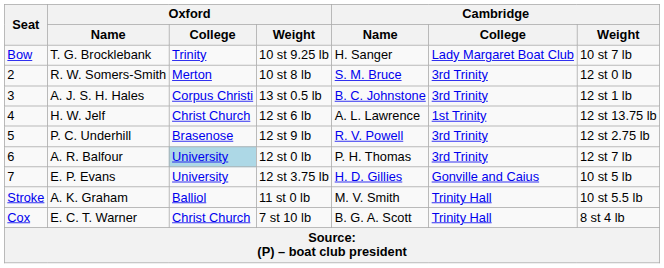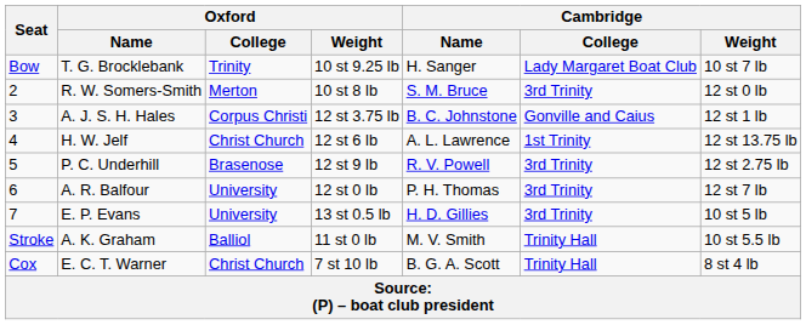 <table class="wikitable">
 <tr>
 <th rowspan="2" scope="col">Seat</th>
 <th colspan="3" scope="col">Oxford <br> </th>
 <th colspan="3" scope="col">Cambridge <br> </th>
 </tr>
 <tr>
 <th>Name</th>
 <th>College</th>
 <th>Weight</th>
 <th>Name</th>
 <th>College</th>
 <th>Weight</th>
 </tr>
 <tr>
 <td><a href='#'>Bow</a></td>
 <td>T. G. Brocklebank</td>
 <td><a href='#'>Trinity</a></td>
 <td>10 st 9.25 lb</td>
 <td>H. Sanger</td>
 <td><a href='#'>Lady Margaret Boat Club</a></td>
 <td>10 st 7 lb</td>
 </tr>
 <tr>
 <td>2</td>
 <td>R. W. Somers-Smith</td>
 <td><a href='#'>Merton</a></td>
 <td>10 st 8 lb</td>
 <td><a href='#'>S. M. Bruce</a></td>
 <td><a href='#'>3rd Trinity</a></td>
 <td>12 st 0 lb</td>
 </tr>
 <tr>
 <td>3</td>
 <td>A. J. S. H. Hales</td>
 <td><a href='#'>Corpus Christi</a></td>
-<td>13 st 0.5 lb</td>
+<td>12 st 3.75 lb</td>
 <td><a href='#'>B. C. Johnstone</a></td>
-<td><a href='#'>3rd Trinity</a></td>
+<td><a href='#'>Gonville and Caius</a></td>
 <td>12 st 1 lb</td>
 </tr>
 <tr>
 <td>4</td>
 <td>H. W. Jelf</td>
 <td><a href='#'>Christ Church</a></td>
 <td>12 st 6 lb</td>
 <td>A. L. Lawrence</td>
 <td><a href='#'>1st Trinity</a></td>
 <td>12 st 13.75 lb</td>
 </tr>
 <tr>
 <td>5</td>
 <td>P. C. Underhill</td>
 <td><a href='#'>Brasenose</a></td>
 <td>12 st 9 lb</td>
 <td><a href='#'>R. V. Powell</a></td>
 <td><a href='#'>3rd Trinity</a></td>
 <td>12 st 2.75 lb</td>
 </tr>
 <tr>
 <td>6</td>
 <td>A. R. Balfour</td>
-<td style="background: lightblue;"><a href='#'>University</a></td>
+<td><a href='#'>University</a></td>
 <td>12 st 0 lb</td>
 <td>P. H. Thomas</td>
 <td><a href='#'>3rd Trinity</a></td>
 <td>12 st 7 lb</td>
 </tr>
 <tr>
 <td>7</td>
 <td>E. P. Evans</td>
 <td><a href='#'>University</a></td>
-<td>12 st 3.75 lb</td>
+<td>13 st 0.5 lb</td>
 <td><a href='#'>H. D. Gillies</a></td>
-<td><a href='#'>Gonville and Caius</a></td>
+<td><a href='#'>3rd Trinity</a></td>
 <td>10 st 5 lb</td>
 </tr>
 <tr>
 <td><a href='#'>Stroke</a></td>
 <td>A. K. Graham</td>
 <td><a href='#'>Balliol</a></td>
 <td>11 st 0 lb</td>
 <td>M. V. Smith</td>
 <td><a href='#'>Trinity Hall</a></td>
 <td>10 st 5.5 lb</td>
 </tr>
 <tr>
 <td><a href='#'>Cox</a></td>
 <td>E. C. T. Warner</td>
 <td><a href='#'>Christ Church</a></td>
 <td>7 st 10 lb</td>
 <td>B. G. A. Scott</td>
 <td><a href='#'>Trinity Hall</a></td>
 <td>8 st 4 lb</td>
 </tr>
 <tr>
 <th colspan="7">Source:<br>(P) – boat club president</th>
 </tr>
 </table>
